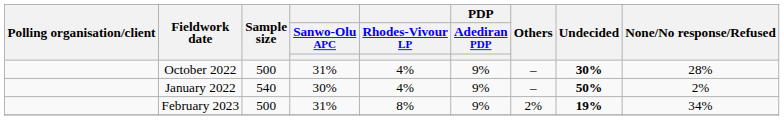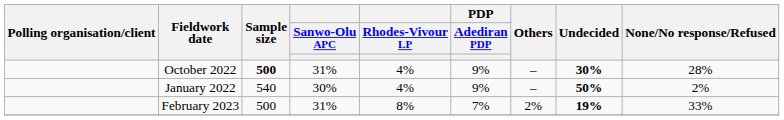 <table class="wikitable" style="text-align:center;font-size:95%;line-height:14px;">
 <tr>
 <th rowspan="3">Polling organisation/client</th>
 <th rowspan="3">Fieldwork<br>date</th>
 <th rowspan="3">Sample<br>size</th>
 <th></th>
 <th></th>
 <th><div><span> <strong>PDP</strong></span></div></th>
 <th rowspan="3">Others</th>
 <th rowspan="3">Undecided</th>
 <th rowspan="3">None/No response/Refused</th>
 </tr>
 <tr>
 <th><a href='#'>Sanwo-Olu</a><br><small><a href='#'>APC</a></small></th>
 <th><a href='#'>Rhodes-Vivour</a><br><small><a href='#'>LP</a></small></th>
 <th><a href='#'>Adediran</a><br><small><a href='#'>PDP</a></small></th>
 </tr>
 <tr>
 <th style="background:"></th>
 <th style="background:"></th>
 <th style="background:"></th>
 </tr>
 <tr>
 <td></td>
 <td>October 2022</td>
-<td>500</td>
+<td><strong>500</strong></td>
 <td>31%</td>
 <td>4%</td>
 <td>9%</td>
 <td>–</td>
 <td><strong>30%</strong></td>
 <td>28%</td>
 </tr>
 <tr>
 <td></td>
 <td>January 2022</td>
 <td>540</td>
 <td>30%</td>
 <td>4%</td>
 <td>9%</td>
 <td>–</td>
 <td><strong>50%</strong></td>
 <td>2%</td>
 </tr>
 <tr>
 <td></td>
 <td>February 2023</td>
 <td>500</td>
 <td>31%</td>
 <td>8%</td>
-<td>9%</td>
+<td>7%</td>
 <td>2%</td>
 <td><strong>19%</strong></td>
-<td>34%</td>
+<td>33%</td>
 </tr>
 <tr>
 </tr>
 </table>
